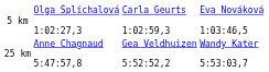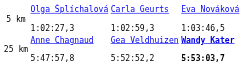 <table>
 <tr>
 <td align=center>5 km</td>
 <td><a href='#'>Olga Šplíchalová</a> <br><br> 1:02:27,3</td>
 <td><a href='#'>Carla Geurts</a> <br><br>1:02:59,3</td>
 <td><a href='#'>Eva Nováková</a> <br><br> 1:03:46,5</td>
 </tr>
 <tr>
 <td align=center>25 km</td>
 <td><a href='#'>Anne Chagnaud</a> <br><br> 5:47:57,8</td>
 <td><a href='#'>Gea Veldhuizen</a> <br><br> 5:52:52,2</td>
-<td><a href='#'>Wandy Kater</a> <br><br> 5:53:03,7</td>
+<td><strong><a href='#'>Wandy Kater</a> <br><br> 5:53:03,7</strong></td>
 </tr>
 </table>
